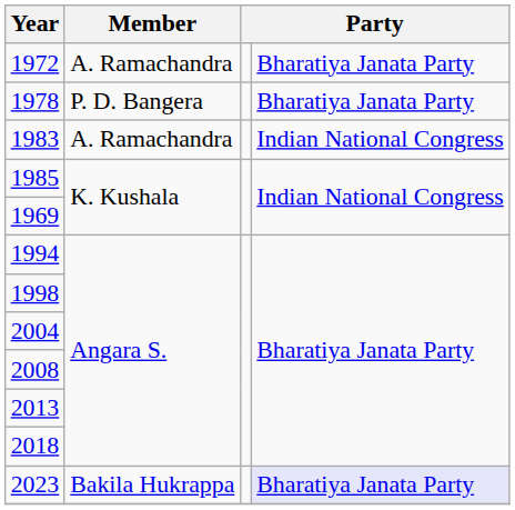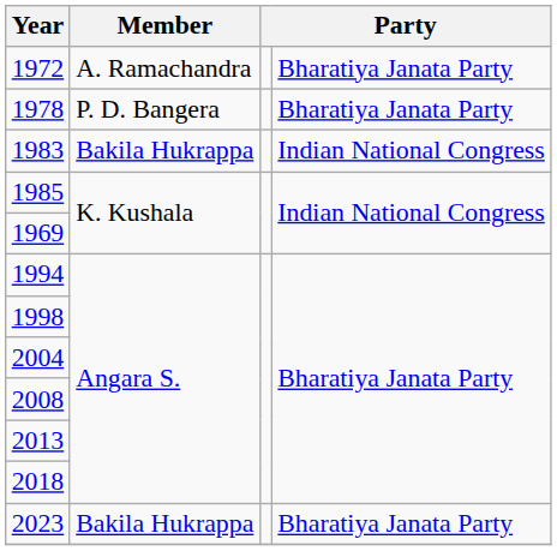 <table class="wikitable sortable">
 <tr>
 <th>Year</th>
 <th>Member</th>
 <th colspan="2">Party</th>
 </tr>
 <tr>
 <td><a href='#'>1972</a></td>
 <td>A. Ramachandra</td>
 <td style="background-color: "></td>
 <td><a href='#'>Bharatiya Janata Party</a></td>
 </tr>
 <tr>
 <td><a href='#'>1978</a></td>
 <td>P. D. Bangera</td>
 <td style="background-color: "></td>
 <td><a href='#'>Bharatiya Janata Party</a></td>
 </tr>
 <tr>
 <td><a href='#'>1983</a></td>
-<td>A. Ramachandra</td>
+<td><a href='#'>Bakila Hukrappa</a></td>
 <td style="background-color: "></td>
 <td><a href='#'>Indian National Congress</a></td>
 </tr>
 <tr>
 <td><a href='#'>1985</a></td>
 <td rowspan="2">K. Kushala</td>
 <td rowspan="2" style="background-color: "></td>
 <td rowspan="2"><a href='#'>Indian National Congress</a></td>
 </tr>
 <tr>
 <td><a href='#'>1969</a></td>
 </tr>
 <tr>
 <td><a href='#'>1994</a></td>
 <td rowspan="6"><a href='#'>Angara S.</a></td>
 <td rowspan="6" style="background-color: "></td>
 <td rowspan="6"><a href='#'>Bharatiya Janata Party</a></td>
 </tr>
 <tr>
 <td><a href='#'>1998</a></td>
 </tr>
 <tr>
 <td><a href='#'>2004</a></td>
 </tr>
 <tr>
 <td><a href='#'>2008</a></td>
 </tr>
 <tr>
 <td><a href='#'>2013</a></td>
 </tr>
 <tr>
 <td><a href='#'>2018</a></td>
 </tr>
 <tr>
 <td><a href='#'>2023</a></td>
 <td><a href='#'>Bakila Hukrappa</a></td>
 <td style="background-color: "></td>
-<td style="background: lavender;"><a href='#'>Bharatiya Janata Party</a></td>
+<td><a href='#'>Bharatiya Janata Party</a></td>
 </tr>
 <tr>
 </tr>
 </table>
